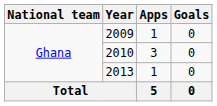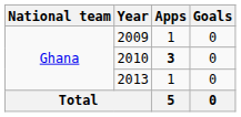 <table class="wikitable" style="text-align:center">
 <tr>
 <th>National team</th>
 <th>Year</th>
 <th>Apps</th>
 <th>Goals</th>
 </tr>
 <tr>
 <td rowspan="3"><a href='#'>Ghana</a></td>
 <td>2009</td>
 <td>1</td>
 <td>0</td>
 </tr>
 <tr>
 <td>2010</td>
-<td>3</td>
+<td><strong>3</strong></td>
 <td>0</td>
 </tr>
 <tr>
 <td>2013</td>
 <td>1</td>
 <td>0</td>
 </tr>
 <tr>
 <th colspan="2">Total</th>
 <th>5</th>
 <th>0</th>
 </tr>
 </table>
